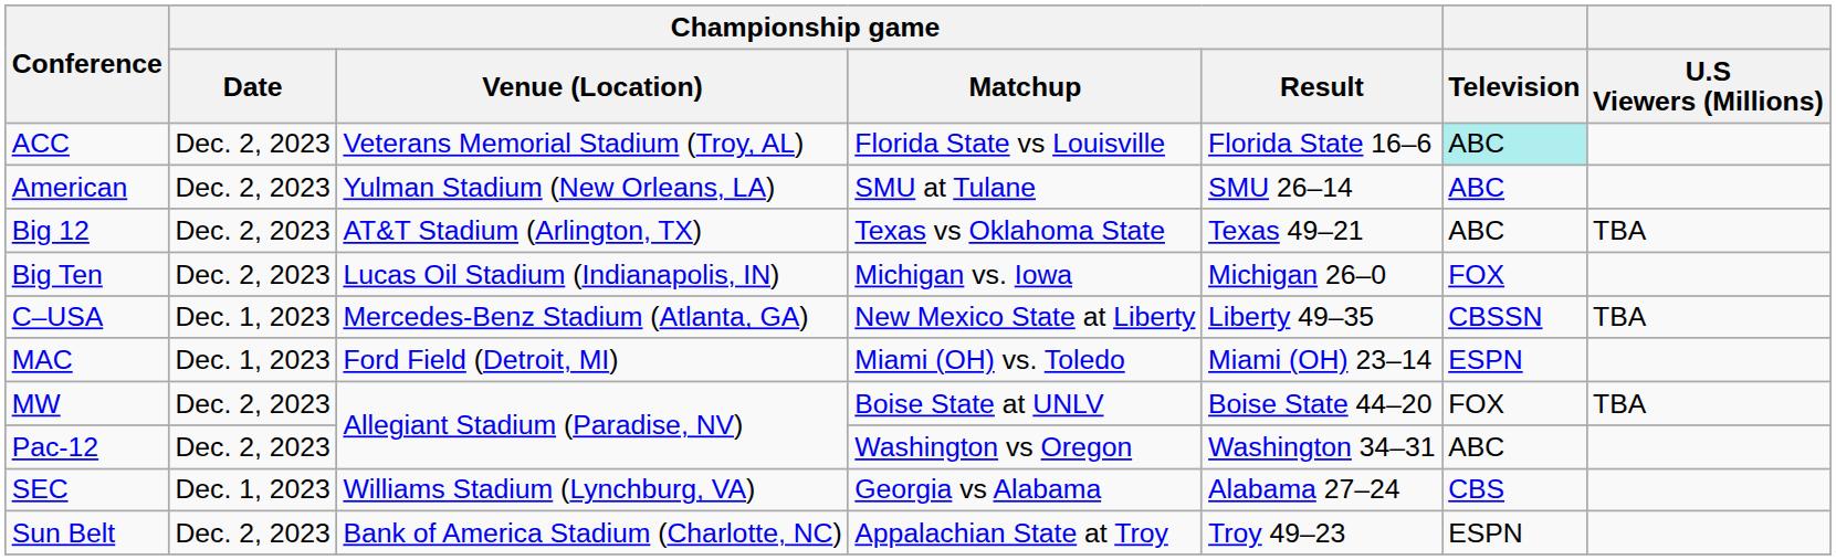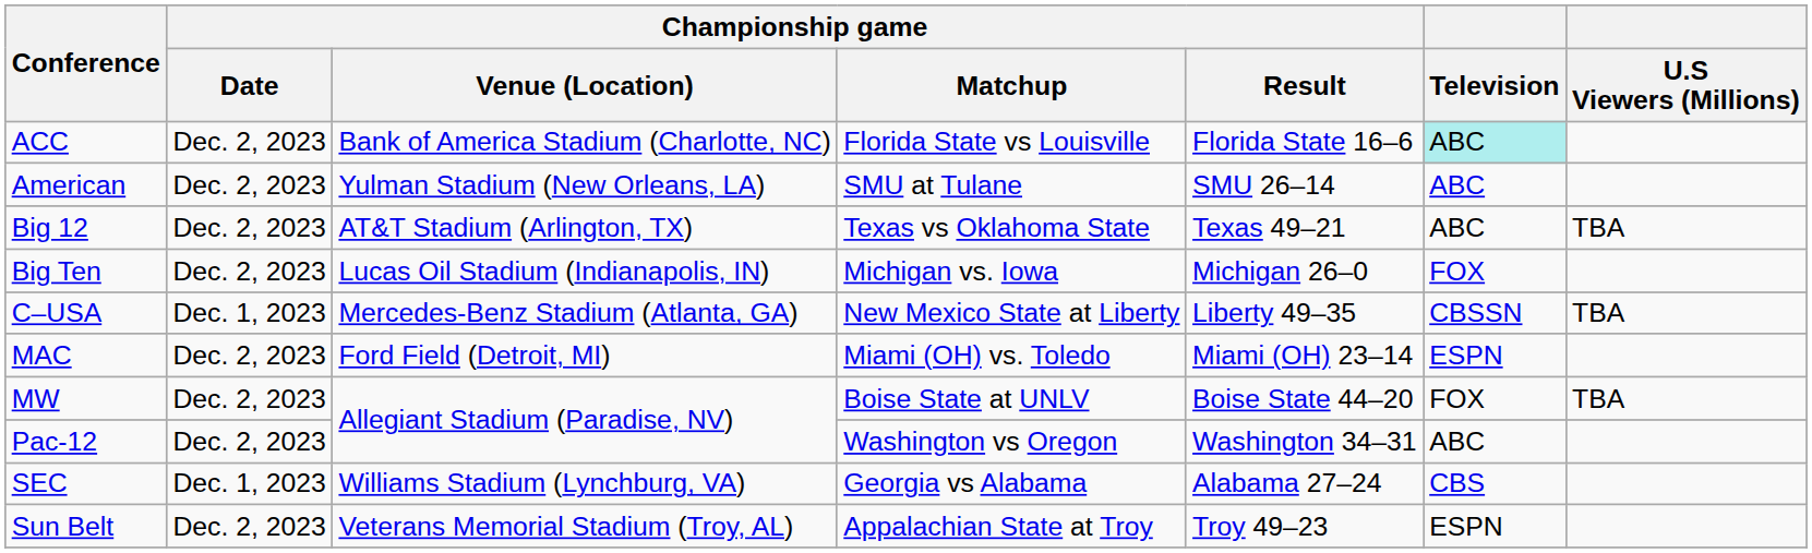 <table class="wikitable" style="font-size:90%;">
 <tr>
 <th rowspan=2>Conference</th>
 <th colspan=4>Championship game</th>
 <th></th>
 <th></th>
 </tr>
 <tr>
 <th>Date</th>
 <th>Venue (Location)</th>
 <th>Matchup</th>
 <th>Result</th>
 <th>Television</th>
 <th>U.S<br>Viewers (Millions)</th>
 </tr>
 <tr>
 <td><a href='#'>ACC</a></td>
 <td>Dec. 2, 2023</td>
-<td><a href='#'>Veterans Memorial Stadium</a> (<a href='#'>Troy, AL</a>)</td>
+<td><a href='#'>Bank of America Stadium</a> (<a href='#'>Charlotte, NC</a>)</td>
 <td><a href='#'>Florida State</a> vs <a href='#'>Louisville</a></td>
 <td><a href='#'>Florida State</a> 16–6</td>
 <td style="background: paleturquoise;">ABC</td>
 <td></td>
 </tr>
 <tr>
 <td><a href='#'>American</a></td>
 <td>Dec. 2, 2023</td>
 <td><a href='#'>Yulman Stadium</a> (<a href='#'>New Orleans, LA</a>)</td>
 <td><a href='#'>SMU</a> at <a href='#'>Tulane</a></td>
 <td><a href='#'>SMU</a> 26–14</td>
 <td><a href='#'>ABC</a></td>
 <td></td>
 </tr>
 <tr>
 <td><a href='#'>Big 12</a></td>
 <td>Dec. 2, 2023</td>
 <td><a href='#'>AT&T Stadium</a> (<a href='#'>Arlington, TX</a>)</td>
 <td><a href='#'>Texas</a> vs <a href='#'>Oklahoma State</a></td>
 <td><a href='#'>Texas</a> 49–21</td>
 <td>ABC</td>
 <td>TBA</td>
 </tr>
 <tr>
 <td><a href='#'>Big Ten</a></td>
 <td>Dec. 2, 2023</td>
 <td><a href='#'>Lucas Oil Stadium</a> (<a href='#'>Indianapolis, IN</a>)</td>
 <td><a href='#'>Michigan</a> vs. <a href='#'>Iowa</a></td>
 <td><a href='#'>Michigan</a> 26–0</td>
 <td><a href='#'>FOX</a></td>
 <td></td>
 </tr>
 <tr>
 <td><a href='#'>C–USA</a></td>
 <td>Dec. 1, 2023</td>
 <td><a href='#'>Mercedes-Benz Stadium</a> (<a href='#'>Atlanta, GA</a>)</td>
 <td><a href='#'>New Mexico State</a> at <a href='#'>Liberty</a></td>
 <td><a href='#'>Liberty</a> 49–35</td>
 <td><a href='#'>CBSSN</a></td>
 <td>TBA</td>
 </tr>
 <tr>
 <td><a href='#'>MAC</a></td>
-<td>Dec. 1, 2023</td>
+<td>Dec. 2, 2023</td>
 <td><a href='#'>Ford Field</a> (<a href='#'>Detroit, MI</a>)</td>
 <td><a href='#'>Miami (OH)</a> vs. <a href='#'>Toledo</a></td>
 <td><a href='#'>Miami (OH)</a> 23–14</td>
 <td><a href='#'>ESPN</a></td>
 <td></td>
 </tr>
 <tr>
 <td><a href='#'>MW</a></td>
 <td>Dec. 2, 2023</td>
 <td rowspan=2><a href='#'>Allegiant Stadium</a> (<a href='#'>Paradise, NV</a>)</td>
 <td><a href='#'>Boise State</a> at <a href='#'>UNLV</a></td>
 <td><a href='#'>Boise State</a> 44–20</td>
 <td>FOX</td>
 <td>TBA</td>
 </tr>
 <tr>
 <td><a href='#'>Pac-12</a></td>
 <td>Dec. 2, 2023</td>
 <td><a href='#'>Washington</a> vs <a href='#'>Oregon</a></td>
 <td><a href='#'>Washington</a> 34–31</td>
 <td>ABC</td>
 <td></td>
 </tr>
 <tr>
 <td><a href='#'>SEC</a></td>
 <td>Dec. 1, 2023</td>
 <td><a href='#'>Williams Stadium</a> (<a href='#'>Lynchburg, VA</a>)</td>
 <td><a href='#'>Georgia</a> vs <a href='#'>Alabama</a></td>
 <td><a href='#'>Alabama</a> 27–24</td>
 <td><a href='#'>CBS</a></td>
 <td></td>
 </tr>
 <tr>
 <td><a href='#'>Sun Belt</a></td>
 <td>Dec. 2, 2023</td>
-<td><a href='#'>Bank of America Stadium</a> (<a href='#'>Charlotte, NC</a>)</td>
+<td><a href='#'>Veterans Memorial Stadium</a> (<a href='#'>Troy, AL</a>)</td>
 <td><a href='#'>Appalachian State</a> at <a href='#'>Troy</a></td>
 <td><a href='#'>Troy</a> 49–23</td>
 <td>ESPN</td>
 <td></td>
 </tr>
 </table>
